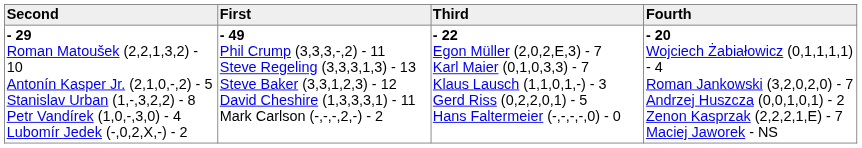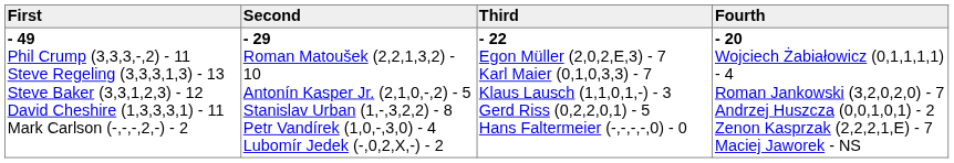 <table border=1 cellpadding=2 cellspacing=0 width=75% style="border-collapse:collapse">
 <tr align=left style="background:#efefef;">
+<th width=20%>First</th>
 <th width=20%>Second</th>
-<th width=20%>First</th>
 <th width=20%>Third</th>
 <th width=20%>Fourth</th>
 </tr>
 <tr align=left>
+<td valign=top><strong> - 49</strong><br><a href='#'>Phil Crump</a> (3,3,3,-,2) - 11 <br><a href='#'>Steve Regeling</a> (3,3,3,1,3) - 13 <br><a href='#'>Steve Baker</a> (3,3,1,2,3) - 12 <br><a href='#'>David Cheshire</a> (1,3,3,3,1) - 11 <br>Mark Carlson (-,-,-,2,-) - 2</td>
 <td valign=top><strong> - 29</strong><br><a href='#'>Roman Matoušek</a> (2,2,1,3,2) - 10 <br><a href='#'>Antonín Kasper Jr.</a> (2,1,0,-,2) - 5 <br><a href='#'>Stanislav Urban</a> (1,-,3,2,2) - 8 <br><a href='#'>Petr Vandírek</a> (1,0,-,3,0) - 4 <br><a href='#'>Lubomír Jedek</a> (-,0,2,X,-) - 2</td>
-<td valign=top><strong> - 49</strong><br><a href='#'>Phil Crump</a> (3,3,3,-,2) - 11 <br><a href='#'>Steve Regeling</a> (3,3,3,1,3) - 13 <br><a href='#'>Steve Baker</a> (3,3,1,2,3) - 12 <br><a href='#'>David Cheshire</a> (1,3,3,3,1) - 11 <br>Mark Carlson (-,-,-,2,-) - 2</td>
 <td valign=top><strong> - 22</strong><br><a href='#'>Egon Müller</a> (2,0,2,E,3) - 7 <br><a href='#'>Karl Maier</a> (0,1,0,3,3) - 7 <br><a href='#'>Klaus Lausch</a> (1,1,0,1,-) - 3 <br><a href='#'>Gerd Riss</a> (0,2,2,0,1) - 5 <br><a href='#'>Hans Faltermeier</a> (-,-,-,-,0) - 0</td>
 <td valign=top><strong> - 20</strong><br><a href='#'>Wojciech Żabiałowicz</a> (0,1,1,1,1) - 4 <br><a href='#'>Roman Jankowski</a> (3,2,0,2,0) - 7 <br><a href='#'>Andrzej Huszcza</a> (0,0,1,0,1) - 2 <br><a href='#'>Zenon Kasprzak</a> (2,2,2,1,E) - 7 <br><a href='#'>Maciej Jaworek</a> - NS</td>
 </tr>
 </table>
